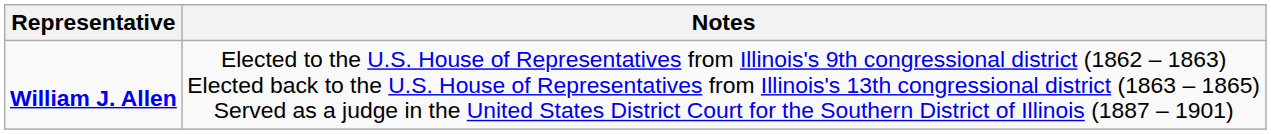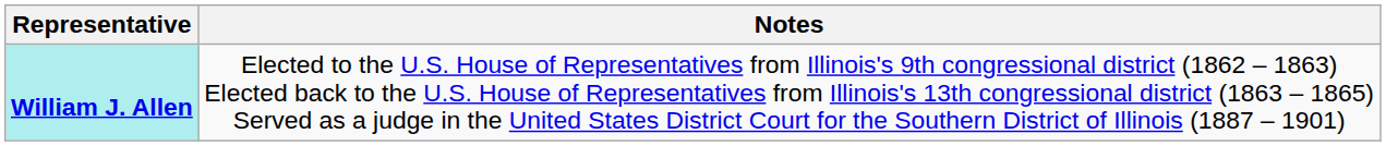 <table class="wikitable" style="text-align:center">
 <tr>
 <th>Representative</th>
 <th>Notes</th>
 </tr>
 <tr>
-<td align=center><br><strong><a href='#'>William J. Allen</a></strong></td>
+<td align=center style="background: paleturquoise;"><br><strong><a href='#'>William J. Allen</a></strong></td>
 <td>Elected to the <a href='#'>U.S. House of Representatives</a> from <a href='#'>Illinois's 9th congressional district</a> (1862 – 1863)<br>Elected back to the <a href='#'>U.S. House of Representatives</a> from <a href='#'>Illinois's 13th congressional district</a> (1863 – 1865)<br>Served as a judge in the <a href='#'>United States District Court for the Southern District of Illinois</a> (1887 – 1901)</td>
 </tr>
 </table>
